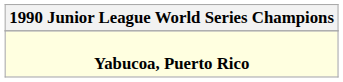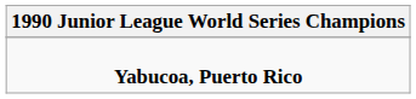 <table class="wikitable" style="text-align: center; margin: 0 auto;">
 <tr>
 <th>1990 Junior League World Series Champions</th>
 </tr>
 <tr>
 </tr>
 <tr>
-<td style="background: lightyellow;"><br><strong>Yabucoa, Puerto Rico</strong></td>
+<td><br><strong>Yabucoa, Puerto Rico</strong></td>
 </tr>
 </table>
